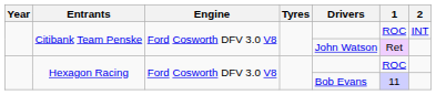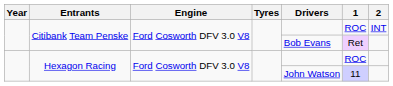 <table class="wikitable" style="text-align:center; font-size:95%">
 <tr>
 <th>Year</th>
 <th>Entrants</th>
 <th>Engine</th>
 <th>Tyres</th>
 <th>Drivers</th>
 <th>1</th>
 <th>2</th>
 </tr>
 <tr>
 <td rowspan="2"></td>
 <td rowspan="2"><a href='#'>Citibank</a> <a href='#'>Team Penske</a></td>
 <td rowspan="2"><a href='#'>Ford</a> <a href='#'>Cosworth</a> DFV 3.0 <a href='#'>V8</a></td>
 <td rowspan="2"></td>
 <td></td>
 <td><a href='#'>ROC</a></td>
 <td><a href='#'>INT</a></td>
 </tr>
 <tr>
-<td align="left"><a href='#'>John Watson</a></td>
+<td align="left"><a href='#'>Bob Evans</a></td>
 <td style="background:#efcfff; text-align:center;">Ret</td>
 <td></td>
 </tr>
 <tr>
 <td rowspan="2"></td>
 <td rowspan="2"><a href='#'>Hexagon Racing</a></td>
 <td rowspan="2"><a href='#'>Ford</a> <a href='#'>Cosworth</a> DFV 3.0 <a href='#'>V8</a></td>
 <td rowspan="2"></td>
 <td></td>
 <td><a href='#'>ROC</a></td>
 <td></td>
 </tr>
 <tr>
-<td align="left"><a href='#'>Bob Evans</a></td>
+<td align="left"><a href='#'>John Watson</a></td>
 <td style="background:#cfcfff; text-align:center;">11</td>
 <td></td>
 </tr>
 </table>
